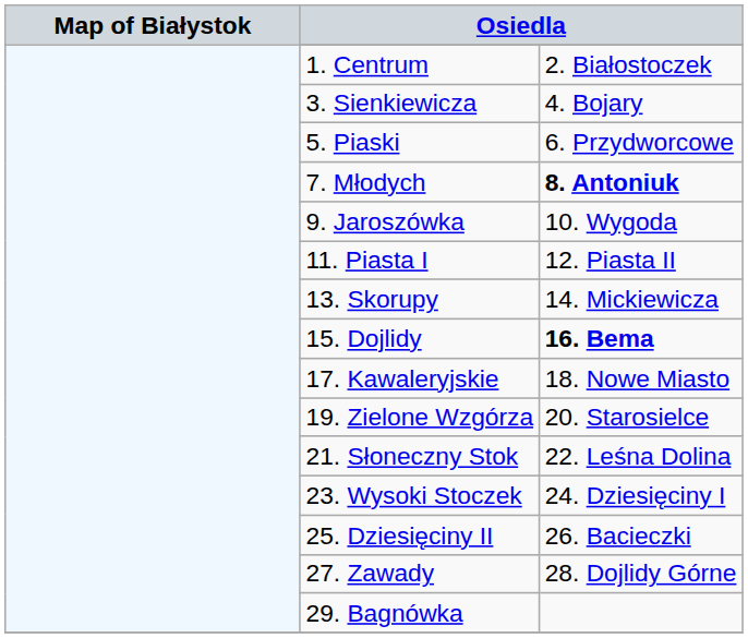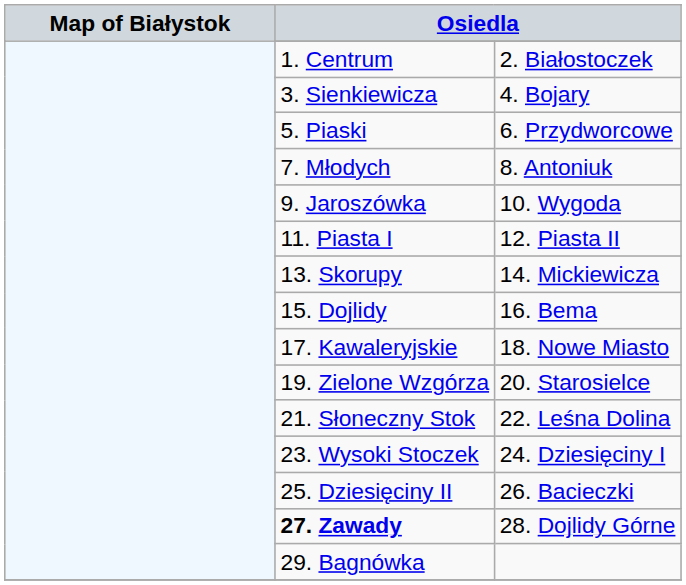 <table class="wikitable" style="font-size:90%">
 <tr bgcolor="D0D8DD">
 <td width="40%" align="center"><strong>Map of Białystok</strong></td>
 <td align="center" colspan=2><strong><a href='#'>Osiedla</a></strong></td>
 </tr>
 <tr bgcolor="F0F8FF">
 <td rowspan=16 align="center"></td>
 </tr>
 <tr>
 <td>1. <a href='#'>Centrum</a></td>
 <td>2. <a href='#'>Białostoczek</a></td>
 </tr>
 <tr>
 <td>3. <a href='#'>Sienkiewicza</a></td>
 <td>4. <a href='#'>Bojary</a></td>
 </tr>
 <tr>
 <td>5. <a href='#'>Piaski</a></td>
 <td>6. <a href='#'>Przydworcowe</a></td>
 </tr>
 <tr>
 <td>7. <a href='#'>Młodych</a></td>
-<td><strong>8. <a href='#'>Antoniuk</a></strong></td>
+<td>8. <a href='#'>Antoniuk</a></td>
 </tr>
 <tr>
 <td>9. <a href='#'>Jaroszówka</a></td>
 <td>10. <a href='#'>Wygoda</a></td>
 </tr>
 <tr>
 <td>11. <a href='#'>Piasta I</a></td>
 <td>12. <a href='#'>Piasta II</a></td>
 </tr>
 <tr>
 <td>13. <a href='#'>Skorupy</a></td>
 <td>14. <a href='#'>Mickiewicza</a></td>
 </tr>
 <tr>
 <td>15. <a href='#'>Dojlidy</a></td>
-<td><strong>16. <a href='#'>Bema</a></strong></td>
+<td>16. <a href='#'>Bema</a></td>
 </tr>
 <tr>
 <td>17. <a href='#'>Kawaleryjskie</a></td>
 <td>18. <a href='#'>Nowe Miasto</a></td>
 </tr>
 <tr>
 <td>19. <a href='#'>Zielone Wzgórza</a></td>
 <td>20. <a href='#'>Starosielce</a></td>
 </tr>
 <tr>
 <td>21. <a href='#'>Słoneczny Stok</a></td>
 <td>22. <a href='#'>Leśna Dolina</a></td>
 </tr>
 <tr>
 <td>23. <a href='#'>Wysoki Stoczek</a></td>
 <td>24. <a href='#'>Dziesięciny I</a></td>
 </tr>
 <tr>
 <td>25. <a href='#'>Dziesięciny II</a></td>
 <td>26. <a href='#'>Bacieczki</a></td>
 </tr>
 <tr>
-<td>27. <a href='#'>Zawady</a></td>
+<td><strong>27. <a href='#'>Zawady</a></strong></td>
 <td>28. <a href='#'>Dojlidy Górne</a></td>
 </tr>
 <tr>
 <td>29. <a href='#'>Bagnówka</a></td>
 <td></td>
 </tr>
 <tr>
 </tr>
 </table>
